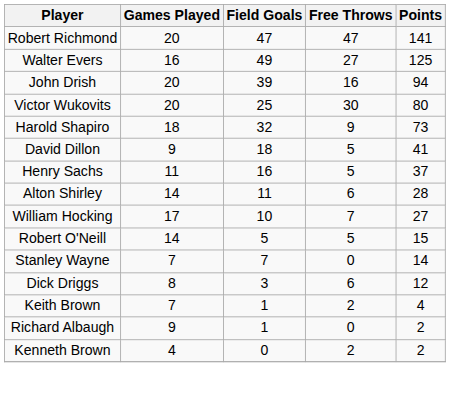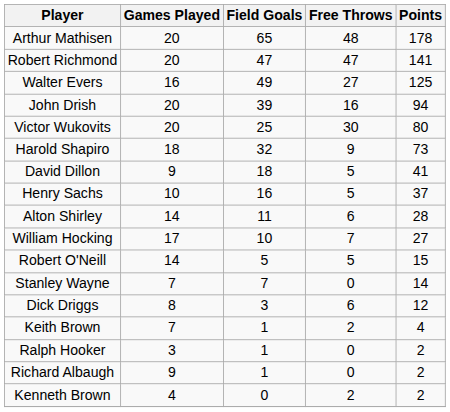 <table class="wikitable sortable">
 <tr>
 <th>Player</th>
 <th>Games Played</th>
 <th>Field Goals</th>
 <th>Free Throws</th>
 <th>Points</th>
+</tr>
+<tr align="center" bgcolor="">
+<td>Arthur Mathisen</td>
+<td>20</td>
+<td>65</td>
+<td>48</td>
+<td>178</td>
 </tr>
 <tr align="center" bgcolor="">
 <td>Robert Richmond</td>
 <td>20</td>
 <td>47</td>
 <td>47</td>
 <td>141</td>
 </tr>
 <tr align="center" bgcolor="">
 <td>Walter Evers</td>
 <td>16</td>
 <td>49</td>
 <td>27</td>
 <td>125</td>
 </tr>
 <tr align="center" bgcolor="">
 <td>John Drish</td>
 <td>20</td>
 <td>39</td>
 <td>16</td>
 <td>94</td>
 </tr>
 <tr align="center" bgcolor="">
 <td>Victor Wukovits</td>
 <td>20</td>
 <td>25</td>
 <td>30</td>
 <td>80</td>
 </tr>
 <tr align="center" bgcolor="">
 <td>Harold Shapiro</td>
 <td>18</td>
 <td>32</td>
 <td>9</td>
 <td>73</td>
 </tr>
 <tr align="center" bgcolor="">
 <td>David Dillon</td>
 <td>9</td>
 <td>18</td>
 <td>5</td>
 <td>41</td>
 </tr>
 <tr align="center" bgcolor="">
 <td>Henry Sachs</td>
-<td>11</td>
+<td>10</td>
 <td>16</td>
 <td>5</td>
 <td>37</td>
 </tr>
 <tr align="center" bgcolor="">
 <td>Alton Shirley</td>
 <td>14</td>
 <td>11</td>
 <td>6</td>
 <td>28</td>
 </tr>
 <tr align="center" bgcolor="">
 <td>William Hocking</td>
 <td>17</td>
 <td>10</td>
 <td>7</td>
 <td>27</td>
 </tr>
 <tr align="center" bgcolor="">
 <td>Robert O'Neill</td>
 <td>14</td>
 <td>5</td>
 <td>5</td>
 <td>15</td>
 </tr>
 <tr align="center" bgcolor="">
 <td>Stanley Wayne</td>
 <td>7</td>
 <td>7</td>
 <td>0</td>
 <td>14</td>
 </tr>
 <tr align="center" bgcolor="">
 <td>Dick Driggs</td>
 <td>8</td>
 <td>3</td>
 <td>6</td>
 <td>12</td>
 </tr>
 <tr align="center" bgcolor="">
 <td>Keith Brown</td>
 <td>7</td>
 <td>1</td>
 <td>2</td>
 <td>4</td>
 </tr>
 <tr align="center" bgcolor="">
+<td>Ralph Hooker</td>
+<td>3</td>
+<td>1</td>
+<td>0</td>
+<td>2</td>
+</tr>
+<tr align="center" bgcolor="">
 <td>Richard Albaugh</td>
 <td>9</td>
 <td>1</td>
 <td>0</td>
 <td>2</td>
 </tr>
 <tr align="center" bgcolor="">
 <td>Kenneth Brown</td>
 <td>4</td>
 <td>0</td>
 <td>2</td>
 <td>2</td>
 </tr>
 <tr align="center" bgcolor="">
 </tr>
 </table>
